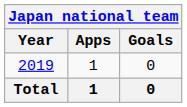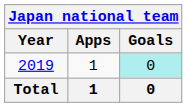 <table class="wikitable" style="text-align:center">
 <tr>
 <th colspan=3><a href='#'>Japan national team</a></th>
 </tr>
 <tr>
 <th>Year</th>
 <th>Apps</th>
 <th>Goals</th>
 </tr>
 <tr>
 <td><a href='#'>2019</a></td>
 <td>1</td>
-<td>0</td>
+<td style="background: paleturquoise;">0</td>
 </tr>
 <tr>
 <th>Total</th>
 <th>1</th>
 <th>0</th>
 </tr>
 </table>
